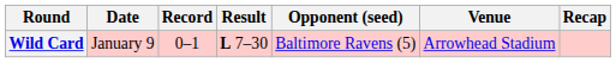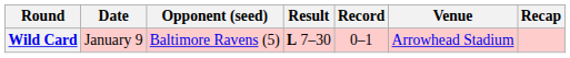 <table class="wikitable" style="text-align:center">
 <tr>
 <th>Round</th>
 <th>Date</th>
+<th>Opponent (seed)</th>
+<th>Result</th>
 <th>Record</th>
-<th>Result</th>
-<th>Opponent (seed)</th>
 <th>Venue</th>
 <th>Recap</th>
 </tr>
 <tr style="background:#fcc">
 <th><a href='#'>Wild Card</a></th>
 <td>January 9</td>
+<td><a href='#'>Baltimore Ravens</a> (5)</td>
+<td><strong>L</strong> 7–30</td>
 <td>0–1</td>
-<td><strong>L</strong> 7–30</td>
-<td><a href='#'>Baltimore Ravens</a> (5)</td>
 <td><a href='#'>Arrowhead Stadium</a></td>
 <td></td>
 </tr>
 </table>
